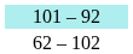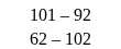 <table style="text-align:center;">
 <tr>
 <th width=200></th>
 <th width=100></th>
 <th width=200></th>
 <th></th>
 </tr>
 <tr>
 <td align=right><strong></strong></td>
-<td style="background: paleturquoise;">101 – 92</td>
+<td>101 – 92</td>
 <td align=left></td>
 </tr>
 <tr>
 <td align=right></td>
 <td>62 – 102</td>
 <td align=left><strong></strong></td>
 </tr>
 </table>
